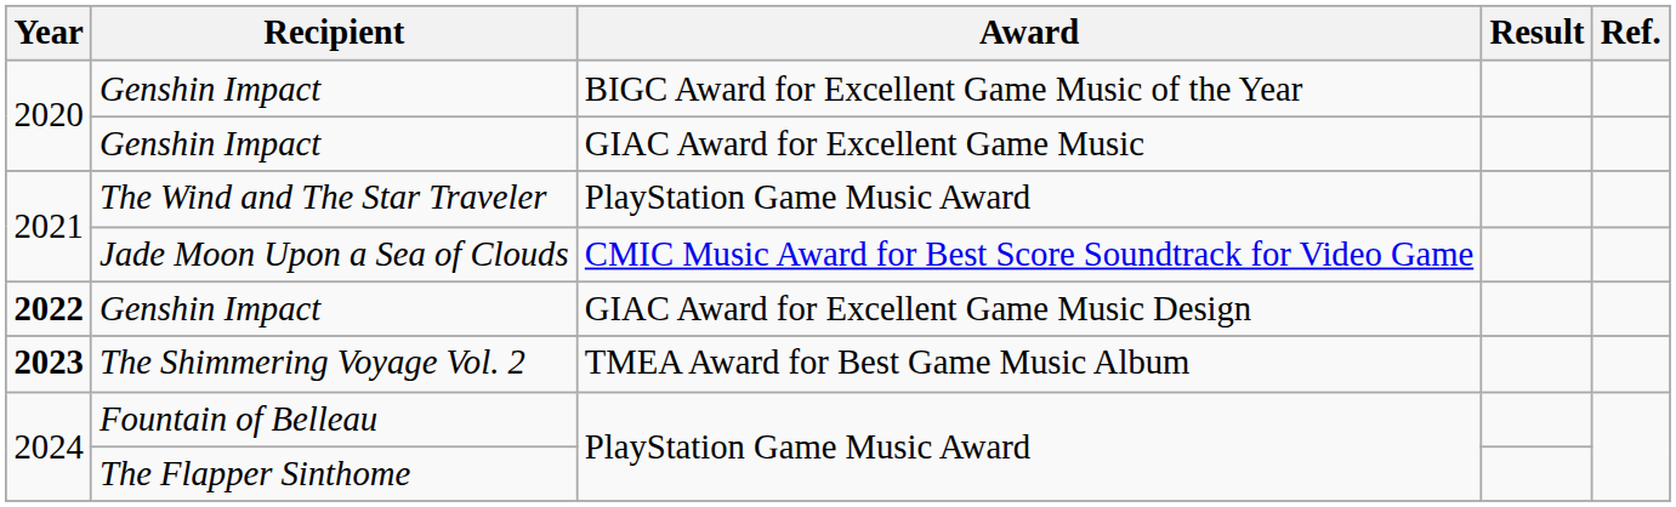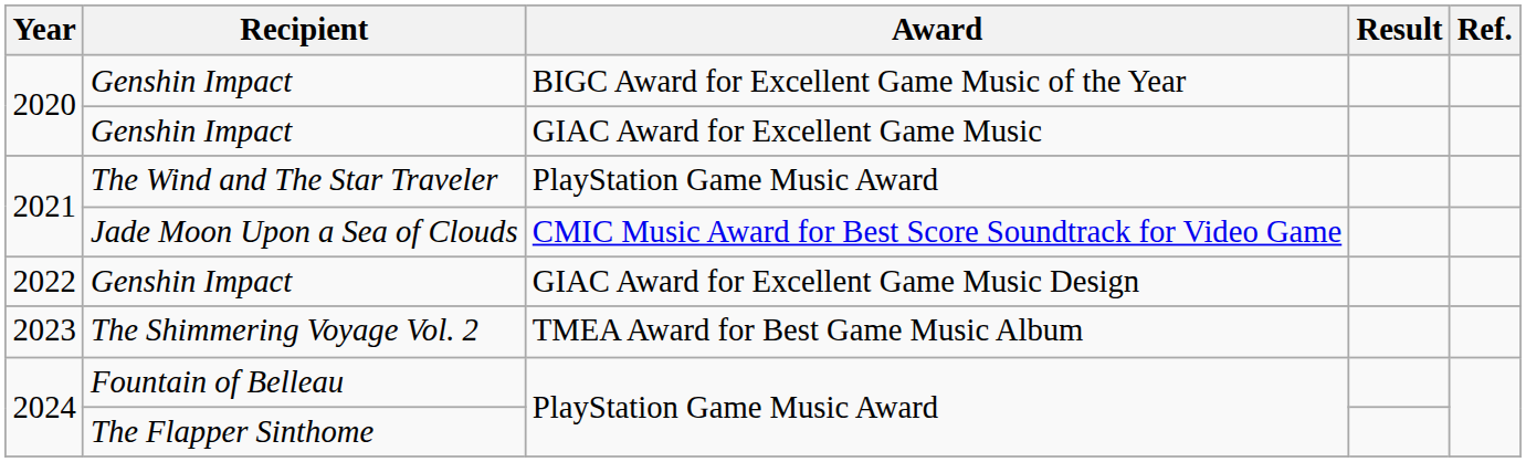 <table class="wikitable sortable">
 <tr>
 <th>Year</th>
 <th>Recipient</th>
 <th>Award</th>
 <th>Result</th>
 <th>Ref.</th>
 </tr>
 <tr>
 <td rowspan="2" style="text-align:center;">2020</td>
 <td><em>Genshin Impact</em></td>
 <td>BIGC Award for Excellent Game Music of the Year</td>
 <td></td>
 <td></td>
 </tr>
 <tr>
 <td><em>Genshin Impact</em></td>
 <td>GIAC Award for Excellent Game Music</td>
 <td></td>
 <td></td>
 </tr>
 <tr>
 <td rowspan="2" style="text-align:center;">2021</td>
 <td><em>The Wind and The Star Traveler</em><br></td>
 <td>PlayStation Game Music Award</td>
 <td></td>
 <td></td>
 </tr>
 <tr>
 <td><em>Jade Moon Upon a Sea of Clouds</em><br></td>
 <td><a href='#'>CMIC Music Award for Best Score Soundtrack for Video Game</a></td>
 <td></td>
 <td></td>
 </tr>
 <tr>
-<td style="text-align:center;"><strong>2022</strong></td>
+<td style="text-align:center;">2022</td>
 <td><em>Genshin Impact</em></td>
 <td>GIAC Award for Excellent Game Music Design</td>
 <td></td>
 <td></td>
 </tr>
 <tr>
-<td style="text-align:center;"><strong>2023</strong></td>
+<td style="text-align:center;">2023</td>
 <td><em>The Shimmering Voyage Vol. 2</em><br></td>
 <td>TMEA Award for Best Game Music Album</td>
 <td></td>
 <td></td>
 </tr>
 <tr>
 <td rowspan="2" style="text-align:center;">2024</td>
 <td><em>Fountain of Belleau</em><br></td>
 <td rowspan="2">PlayStation Game Music Award</td>
 <td></td>
 <td rowspan="2"></td>
 </tr>
 <tr>
 <td><em>The Flapper Sinthome</em><br></td>
 <td></td>
 </tr>
 </table>
